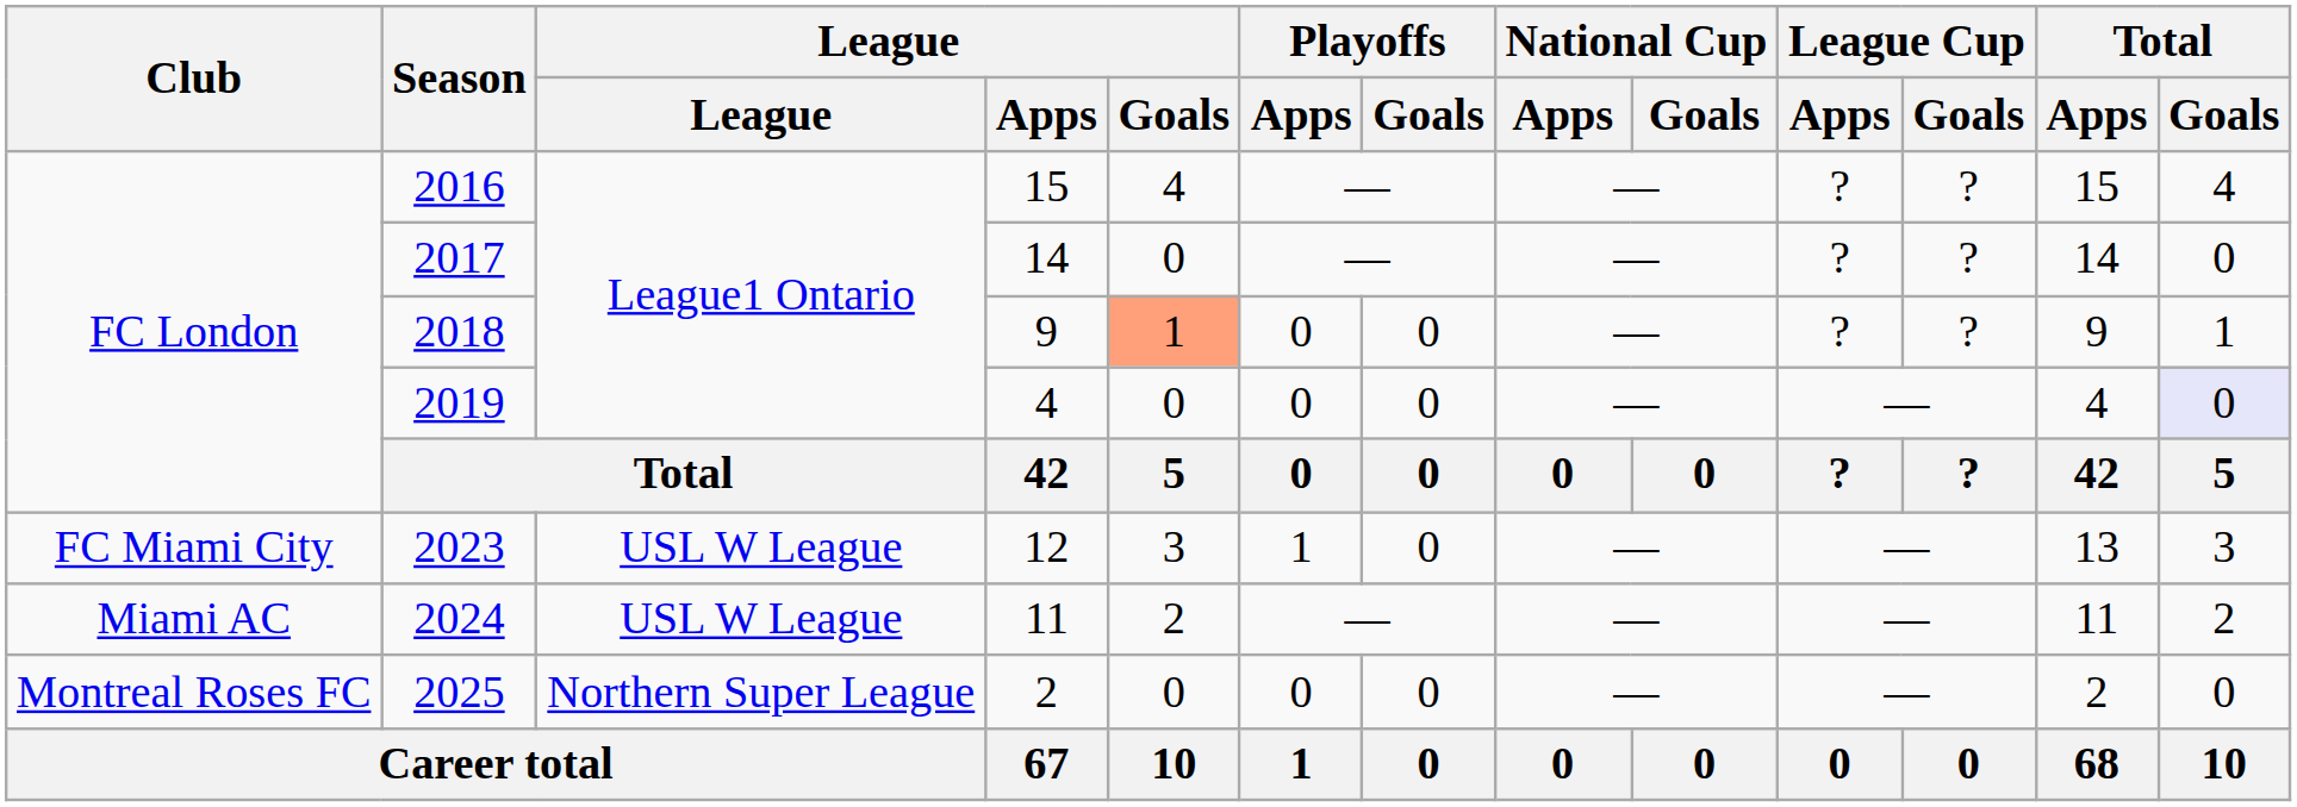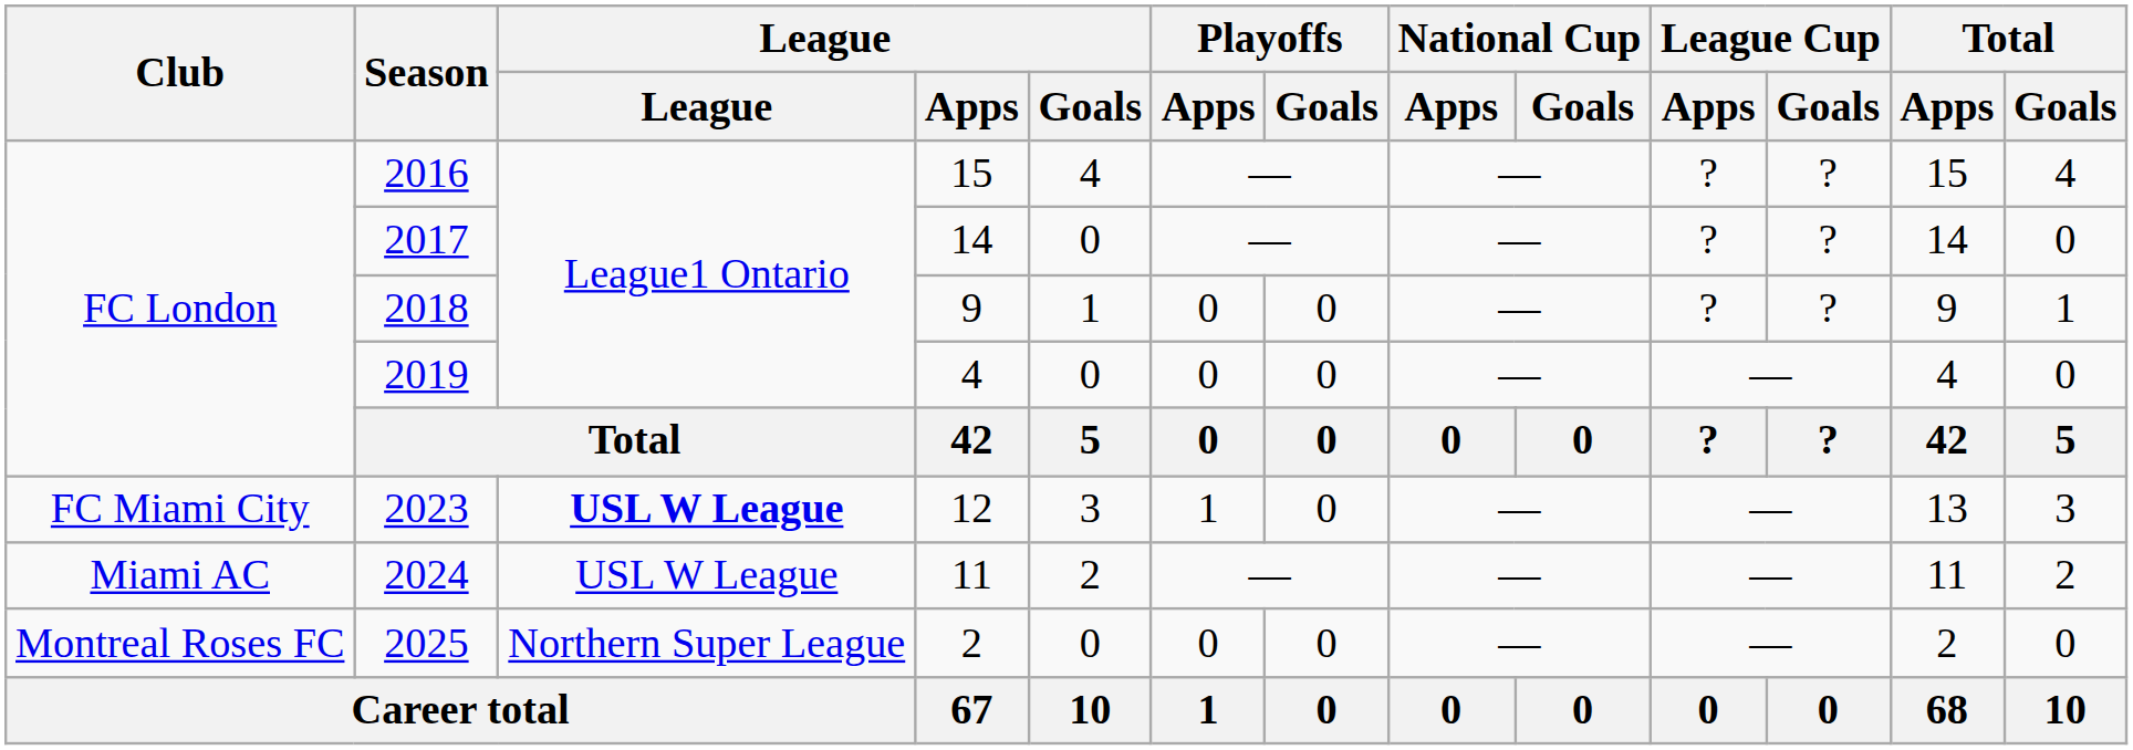 <table class="wikitable" style="text-align: center;">
 <tr>
 <th rowspan="2">Club</th>
 <th rowspan="2">Season</th>
 <th colspan="3">League</th>
 <th colspan="2">Playoffs</th>
 <th colspan="2">National Cup</th>
 <th colspan="2">League Cup</th>
 <th colspan="2">Total</th>
 </tr>
 <tr>
 <th>League</th>
 <th>Apps</th>
 <th>Goals</th>
 <th>Apps</th>
 <th>Goals</th>
 <th>Apps</th>
 <th>Goals</th>
 <th>Apps</th>
 <th>Goals</th>
 <th>Apps</th>
 <th>Goals</th>
 </tr>
 <tr>
 <td rowspan=5><a href='#'>FC London</a></td>
 <td><a href='#'>2016</a></td>
 <td rowspan=4><a href='#'>League1 Ontario</a></td>
 <td>15</td>
 <td>4</td>
 <td colspan="2">—</td>
 <td colspan="2">—</td>
 <td>?</td>
 <td>?</td>
 <td>15</td>
 <td>4</td>
 </tr>
 <tr>
 <td><a href='#'>2017</a></td>
 <td>14</td>
 <td>0</td>
 <td colspan="2">—</td>
 <td colspan="2">—</td>
 <td>?</td>
 <td>?</td>
 <td>14</td>
 <td>0</td>
 </tr>
 <tr>
 <td><a href='#'>2018</a></td>
 <td>9</td>
-<td style="background: lightsalmon;">1</td>
+<td>1</td>
 <td>0</td>
 <td>0</td>
 <td colspan="2">—</td>
 <td>?</td>
 <td>?</td>
 <td>9</td>
 <td>1</td>
 </tr>
 <tr>
 <td><a href='#'>2019</a></td>
 <td>4</td>
 <td>0</td>
 <td>0</td>
 <td>0</td>
 <td colspan="2">—</td>
 <td colspan="2">—</td>
 <td>4</td>
-<td style="background: lavender;">0</td>
+<td>0</td>
 </tr>
 <tr>
 <th colspan="2">Total</th>
 <th>42</th>
 <th>5</th>
 <th>0</th>
 <th>0</th>
 <th>0</th>
 <th>0</th>
 <th>?</th>
 <th>?</th>
 <th>42</th>
 <th>5</th>
 </tr>
 <tr>
 <td><a href='#'>FC Miami City</a></td>
 <td><a href='#'>2023</a></td>
-<td><a href='#'>USL W League</a></td>
+<td><strong><a href='#'>USL W League</a></strong></td>
 <td>12</td>
 <td>3</td>
 <td>1</td>
 <td>0</td>
 <td colspan="2">—</td>
 <td colspan="2">—</td>
 <td>13</td>
 <td>3</td>
 </tr>
 <tr>
 <td><a href='#'>Miami AC</a></td>
 <td><a href='#'>2024</a></td>
 <td><a href='#'>USL W League</a></td>
 <td>11</td>
 <td>2</td>
 <td colspan="2">—</td>
 <td colspan="2">—</td>
 <td colspan="2">—</td>
 <td>11</td>
 <td>2</td>
 </tr>
 <tr>
 <td><a href='#'>Montreal Roses FC</a></td>
 <td><a href='#'>2025</a></td>
 <td><a href='#'>Northern Super League</a></td>
 <td>2</td>
 <td>0</td>
 <td>0</td>
 <td>0</td>
 <td colspan="2">—</td>
 <td colspan="2">—</td>
 <td>2</td>
 <td>0</td>
 </tr>
 <tr>
 <th colspan="3">Career total</th>
 <th>67</th>
 <th>10</th>
 <th>1</th>
 <th>0</th>
 <th>0</th>
 <th>0</th>
 <th>0</th>
 <th>0</th>
 <th>68</th>
 <th>10</th>
 </tr>
 </table>
